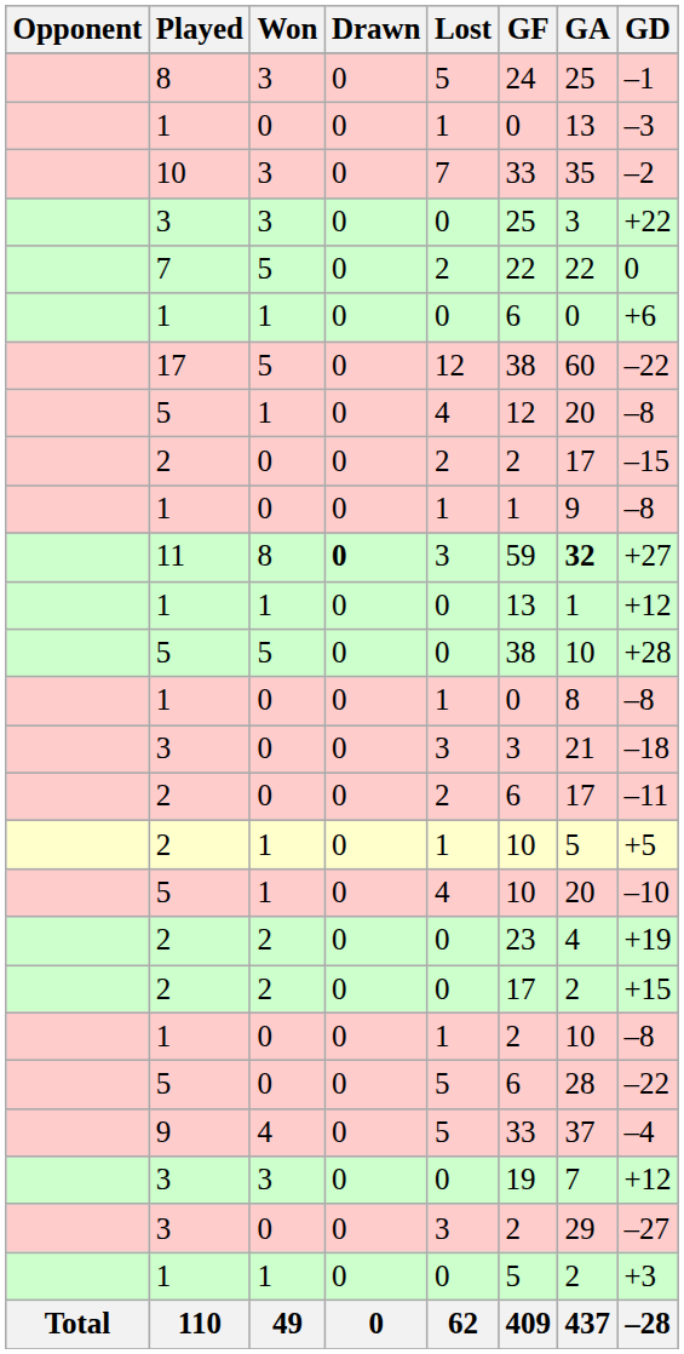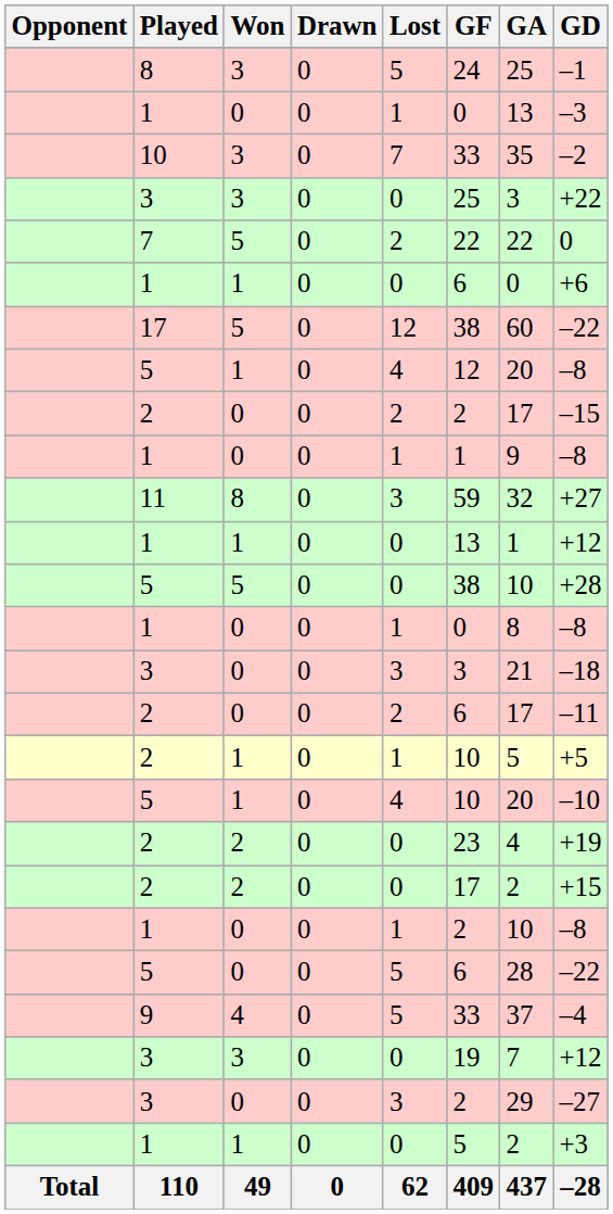 <table class="sortable wikitable">
 <tr>
 <th>Opponent</th>
 <th>Played</th>
 <th>Won</th>
 <th>Drawn</th>
 <th>Lost</th>
 <th>GF</th>
 <th>GA</th>
 <th>GD</th>
 </tr>
 <tr bgcolor="#d0ffd0" align="center">
 </tr>
 <tr bgcolor=#FFCCCC>
 <td></td>
 <td>8</td>
 <td>3</td>
 <td>0</td>
 <td>5</td>
 <td>24</td>
 <td>25</td>
 <td>–1</td>
 </tr>
 <tr bgcolor=#FFCCCC>
 <td></td>
 <td>1</td>
 <td>0</td>
 <td>0</td>
 <td>1</td>
 <td>0</td>
 <td>13</td>
 <td>–3</td>
 </tr>
 <tr bgcolor=#FFCCCC>
 <td></td>
 <td>10</td>
 <td>3</td>
 <td>0</td>
 <td>7</td>
 <td>33</td>
 <td>35</td>
 <td>–2</td>
 </tr>
 <tr bgcolor=#CCFFCC>
 <td></td>
 <td>3</td>
 <td>3</td>
 <td>0</td>
 <td>0</td>
 <td>25</td>
 <td>3</td>
 <td>+22</td>
 </tr>
 <tr bgcolor=#CCFFCC>
 <td></td>
 <td>7</td>
 <td>5</td>
 <td>0</td>
 <td>2</td>
 <td>22</td>
 <td>22</td>
 <td>0</td>
 </tr>
 <tr bgcolor=#CCFFCC>
 <td></td>
 <td>1</td>
 <td>1</td>
 <td>0</td>
 <td>0</td>
 <td>6</td>
 <td>0</td>
 <td>+6</td>
 </tr>
 <tr bgcolor=#FFCCCC>
 <td></td>
 <td>17</td>
 <td>5</td>
 <td>0</td>
 <td>12</td>
 <td>38</td>
 <td>60</td>
 <td>–22</td>
 </tr>
 <tr bgcolor=#FFCCCC>
 <td></td>
 <td>5</td>
 <td>1</td>
 <td>0</td>
 <td>4</td>
 <td>12</td>
 <td>20</td>
 <td>–8</td>
 </tr>
 <tr bgcolor=#FFCCCC>
 <td></td>
 <td>2</td>
 <td>0</td>
 <td>0</td>
 <td>2</td>
 <td>2</td>
 <td>17</td>
 <td>–15</td>
 </tr>
 <tr bgcolor=#FFCCCC>
 <td></td>
 <td>1</td>
 <td>0</td>
 <td>0</td>
 <td>1</td>
 <td>1</td>
 <td>9</td>
 <td>–8</td>
 </tr>
 <tr bgcolor=#CCFFCC>
 <td></td>
 <td>11</td>
 <td>8</td>
-<td><strong>0</strong></td>
+<td>0</td>
 <td>3</td>
 <td>59</td>
-<td><strong>32</strong></td>
+<td>32</td>
 <td>+27</td>
 </tr>
 <tr bgcolor=#CCFFCC>
 <td></td>
 <td>1</td>
 <td>1</td>
 <td>0</td>
 <td>0</td>
 <td>13</td>
 <td>1</td>
 <td>+12</td>
 </tr>
 <tr bgcolor=#CCFFCC>
 <td></td>
 <td>5</td>
 <td>5</td>
 <td>0</td>
 <td>0</td>
 <td>38</td>
 <td>10</td>
 <td>+28</td>
 </tr>
 <tr bgcolor=#FFCCCC>
 <td></td>
 <td>1</td>
 <td>0</td>
 <td>0</td>
 <td>1</td>
 <td>0</td>
 <td>8</td>
 <td>–8</td>
 </tr>
 <tr bgcolor=#FFCCCC>
 <td></td>
 <td>3</td>
 <td>0</td>
 <td>0</td>
 <td>3</td>
 <td>3</td>
 <td>21</td>
 <td>–18</td>
 </tr>
 <tr bgcolor=#FFCCCC>
 <td></td>
 <td>2</td>
 <td>0</td>
 <td>0</td>
 <td>2</td>
 <td>6</td>
 <td>17</td>
 <td>–11</td>
 </tr>
 <tr bgcolor=#FFFFCC>
 <td></td>
 <td>2</td>
 <td>1</td>
 <td>0</td>
 <td>1</td>
 <td>10</td>
 <td>5</td>
 <td>+5</td>
 </tr>
 <tr bgcolor=#FFCCCC>
 <td></td>
 <td>5</td>
 <td>1</td>
 <td>0</td>
 <td>4</td>
 <td>10</td>
 <td>20</td>
 <td>–10</td>
 </tr>
 <tr bgcolor=#CCFFCC>
 <td></td>
 <td>2</td>
 <td>2</td>
 <td>0</td>
 <td>0</td>
 <td>23</td>
 <td>4</td>
 <td>+19</td>
 </tr>
 <tr bgcolor=#CCFFCC>
 <td></td>
 <td>2</td>
 <td>2</td>
 <td>0</td>
 <td>0</td>
 <td>17</td>
 <td>2</td>
 <td>+15</td>
 </tr>
 <tr bgcolor=#FFCCCC>
 <td></td>
 <td>1</td>
 <td>0</td>
 <td>0</td>
 <td>1</td>
 <td>2</td>
 <td>10</td>
 <td>–8</td>
 </tr>
 <tr bgcolor=#FFCCCC>
 <td></td>
 <td>5</td>
 <td>0</td>
 <td>0</td>
 <td>5</td>
 <td>6</td>
 <td>28</td>
 <td>–22</td>
 </tr>
 <tr bgcolor=#FFCCCC>
 <td></td>
 <td>9</td>
 <td>4</td>
 <td>0</td>
 <td>5</td>
 <td>33</td>
 <td>37</td>
 <td>–4</td>
 </tr>
 <tr bgcolor=#CCFFCC>
 <td></td>
 <td>3</td>
 <td>3</td>
 <td>0</td>
 <td>0</td>
 <td>19</td>
 <td>7</td>
 <td>+12</td>
 </tr>
 <tr bgcolor=#FFCCCC>
 <td></td>
 <td>3</td>
 <td>0</td>
 <td>0</td>
 <td>3</td>
 <td>2</td>
 <td>29</td>
 <td>–27</td>
 </tr>
 <tr bgcolor=#CCFFCC>
 <td></td>
 <td>1</td>
 <td>1</td>
 <td>0</td>
 <td>0</td>
 <td>5</td>
 <td>2</td>
 <td>+3</td>
 </tr>
 <tr>
 <th>Total</th>
 <th>110</th>
 <th>49</th>
 <th>0</th>
 <th>62</th>
 <th>409</th>
 <th>437</th>
 <th>–28</th>
 </tr>
 </table>
